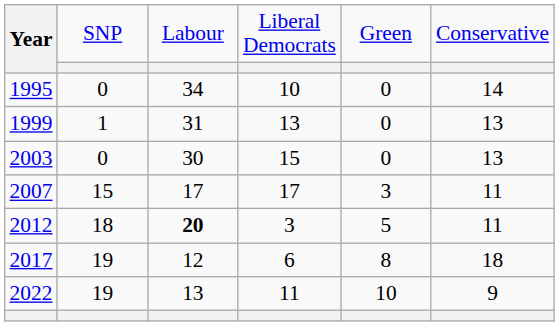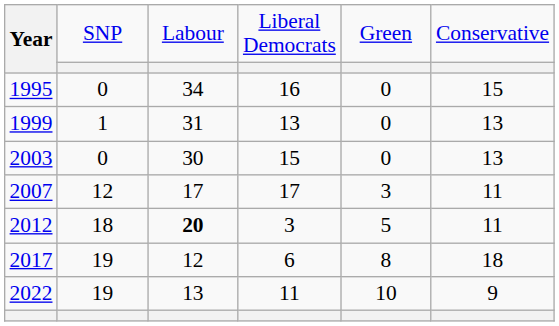 <table class=wikitable style=text-align:center>
 <tr>
 <th rowspan=2>Year</th>
 <td width="60"><a href='#'>SNP</a></td>
 <td width="60"><a href='#'>Labour</a></td>
 <td width="60"><a href='#'>Liberal Democrats</a></td>
 <td width="60"><a href='#'>Green</a></td>
 <td width="60"><a href='#'>Conservative</a></td>
 </tr>
 <tr>
 <th style="background-color: "></th>
 <th style="background-color: "></th>
 <th style="background-color: "></th>
 <th style="background-color: "></th>
 <th style="background-color: "></th>
 </tr>
 <tr>
 <td><a href='#'>1995</a></td>
 <td>0</td>
 <td>34</td>
-<td>10</td>
+<td>16</td>
 <td>0</td>
-<td>14</td>
+<td>15</td>
 </tr>
 <tr>
 <td><a href='#'>1999</a></td>
 <td>1</td>
 <td>31</td>
 <td>13</td>
 <td>0</td>
 <td>13</td>
 </tr>
 <tr>
 <td><a href='#'>2003</a></td>
 <td>0</td>
 <td>30</td>
 <td>15</td>
 <td>0</td>
 <td>13</td>
 </tr>
 <tr>
 <td><a href='#'>2007</a></td>
-<td>15</td>
+<td>12</td>
 <td>17</td>
 <td>17</td>
 <td>3</td>
 <td>11</td>
 </tr>
 <tr>
 <td><a href='#'>2012</a></td>
 <td>18</td>
 <td><strong>20</strong></td>
 <td>3</td>
 <td>5</td>
 <td>11</td>
 </tr>
 <tr>
 <td><a href='#'>2017</a></td>
 <td>19</td>
 <td>12</td>
 <td>6</td>
 <td>8</td>
 <td>18</td>
 </tr>
 <tr>
 <td><a href='#'>2022</a></td>
 <td>19</td>
 <td>13</td>
 <td>11</td>
 <td>10</td>
 <td>9</td>
 </tr>
 <tr>
 <th></th>
 <th style="background-color: "></th>
 <th style="background-color: "></th>
 <th style="background-color: "></th>
 <th style="background-color: "></th>
 <th style="background-color: "></th>
 </tr>
 </table>
